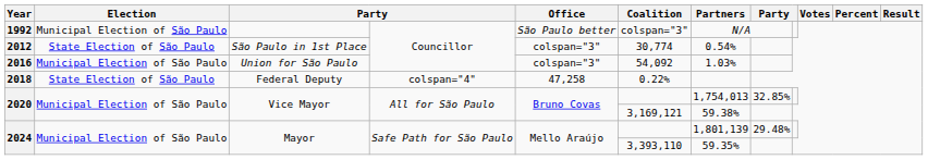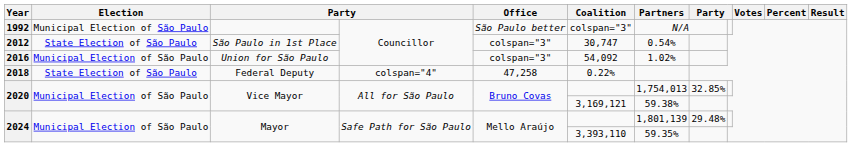 <table class="wikitable" style="text-align:center">
 <tr>
 <th>Year</th>
 <th>Election</th>
 <th colspan="2">Party</th>
 <th>Office</th>
 <th>Coalition</th>
 <th>Partners</th>
 <th colspan="2">Party</th>
 <th>Votes</th>
 <th>Percent</th>
 <th>Result</th>
 </tr>
 <tr>
 <th>1992</th>
 <td>Municipal Election of <a href='#'>São Paulo</a></td>
 <td></td>
 <td rowspan="3">Councillor</td>
 <td><em>São Paulo better</em><br></td>
 <td>colspan="3" </td>
 <td colspan="2"><em>N/A</em></td>
 <td></td>
 </tr>
 <tr>
 <th>2012</th>
 <td><a href='#'>State Election</a> of <a href='#'>São Paulo</a></td>
 <td><em>São Paulo in 1st Place</em><br></td>
 <td>colspan="3" </td>
-<td>30,774</td>
+<td>30,747</td>
 <td>0.54%</td>
 <td></td>
 </tr>
 <tr>
 <th>2016</th>
 <td><a href='#'>Municipal Election</a> of São Paulo</td>
 <td><em>Union for São Paulo</em><br></td>
 <td>colspan="3" </td>
 <td>54,092</td>
-<td>1.03%</td>
+<td>1.02%</td>
 <td></td>
 </tr>
 <tr>
 <th>2018</th>
 <td><a href='#'>State Election</a> of <a href='#'>São Paulo</a></td>
 <td>Federal Deputy</td>
 <td>colspan="4" </td>
 <td>47,258</td>
 <td>0.22%</td>
 <td></td>
 </tr>
 <tr>
 <th rowspan="2">2020</th>
 <td rowspan="2"><a href='#'>Municipal Election</a> of São Paulo</td>
 <td rowspan="2">Vice Mayor</td>
 <td rowspan="2"><em>All for São Paulo</em><br></td>
 <td rowspan="2"><a href='#'>Bruno Covas</a></td>
 <td></td>
 <td>1,754,013</td>
 <td>32.85%</td>
 <td></td>
 </tr>
 <tr>
 <td>3,169,121</td>
 <td>59.38%</td>
 <td></td>
 </tr>
 <tr>
 <th rowspan="2">2024</th>
 <td rowspan="2"><a href='#'>Municipal Election</a> of São Paulo</td>
 <td rowspan="2">Mayor</td>
 <td rowspan="2"><em>Safe Path for São Paulo</em><br></td>
 <td rowspan="2">Mello Araújo</td>
 <td></td>
 <td>1,801,139</td>
 <td>29.48%</td>
 <td></td>
 </tr>
 <tr>
 <td>3,393,110</td>
 <td>59.35%</td>
 <td></td>
 </tr>
 </table>
